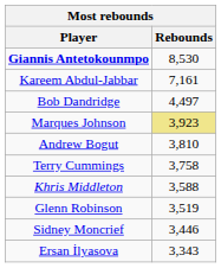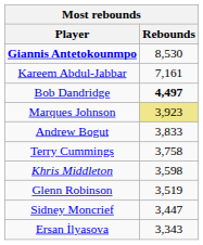 <table class="wikitable sortable" style="text-align:center">
 <tr>
 <th colspan="5">Most rebounds</th>
 </tr>
 <tr>
 <th>Player</th>
 <th>Rebounds</th>
 </tr>
 <tr>
 <td><strong><a href='#'>Giannis Antetokounmpo</a></strong></td>
 <td>8,530</td>
 </tr>
 <tr>
 <td><a href='#'>Kareem Abdul-Jabbar</a></td>
 <td>7,161</td>
 </tr>
 <tr>
 <td><a href='#'>Bob Dandridge</a></td>
-<td>4,497</td>
+<td><strong>4,497</strong></td>
 </tr>
 <tr>
 <td><a href='#'>Marques Johnson</a></td>
 <td style="background: khaki;">3,923</td>
 </tr>
 <tr>
 <td><a href='#'>Andrew Bogut</a></td>
-<td>3,810</td>
+<td>3,833</td>
 </tr>
 <tr>
 <td><a href='#'>Terry Cummings</a></td>
 <td>3,758</td>
 </tr>
 <tr>
 <td><em><a href='#'>Khris Middleton</a></em></td>
-<td>3,588</td>
+<td>3,598</td>
 </tr>
 <tr>
 <td><a href='#'>Glenn Robinson</a></td>
 <td>3,519</td>
 </tr>
 <tr>
 <td><a href='#'>Sidney Moncrief</a></td>
-<td>3,446</td>
+<td>3,447</td>
 </tr>
 <tr>
 <td><a href='#'>Ersan İlyasova</a></td>
 <td>3,343</td>
 </tr>
 </table>
